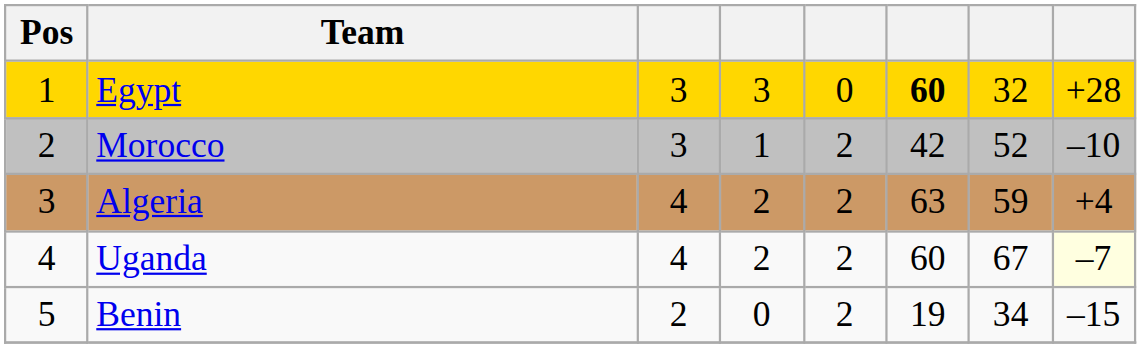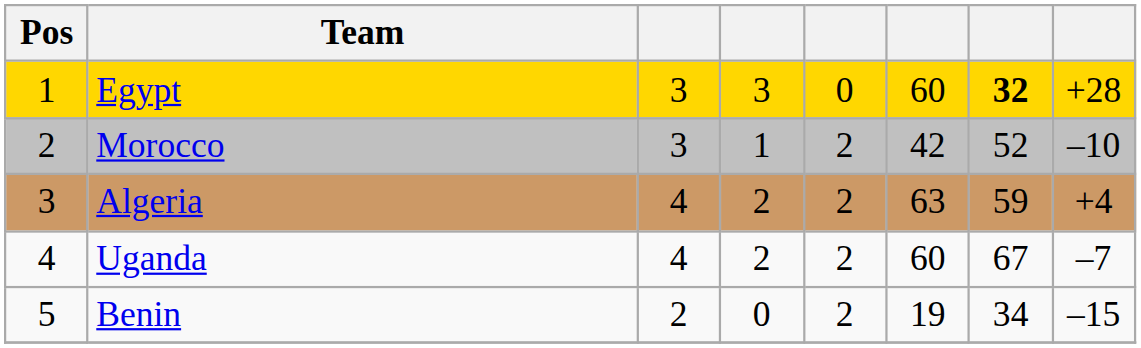 <table class="wikitable" style="text-align:center">
 <tr>
 <th width=30>Pos</th>
 <th ! width=240>Team</th>
 <th ! width=30></th>
 <th ! width=30></th>
 <th ! width=30></th>
 <th ! width=30></th>
 <th ! width=30></th>
 <th ! width=30></th>
 </tr>
 <tr bgcolor=gold>
 <td>1</td>
 <td align=left> <a href='#'>Egypt</a></td>
 <td>3</td>
 <td>3</td>
 <td>0</td>
-<td><strong>60</strong></td>
-<td>32</td>
+<td>60</td>
+<td><strong>32</strong></td>
 <td>+28</td>
 </tr>
 <tr bgcolor=silver>
 <td>2</td>
 <td align=left> <a href='#'>Morocco</a></td>
 <td>3</td>
 <td>1</td>
 <td>2</td>
 <td>42</td>
 <td>52</td>
 <td>–10</td>
 </tr>
 <tr bgcolor=cc9966>
 <td>3</td>
 <td align=left> <a href='#'>Algeria</a></td>
 <td>4</td>
 <td>2</td>
 <td>2</td>
 <td>63</td>
 <td>59</td>
 <td>+4</td>
 </tr>
 <tr>
 <td>4</td>
 <td align=left> <a href='#'>Uganda</a></td>
 <td>4</td>
 <td>2</td>
 <td>2</td>
 <td>60</td>
 <td>67</td>
-<td style="background: lightyellow;">–7</td>
+<td>–7</td>
 </tr>
 <tr>
 <td>5</td>
 <td align=left> <a href='#'>Benin</a></td>
 <td>2</td>
 <td>0</td>
 <td>2</td>
 <td>19</td>
 <td>34</td>
 <td>–15</td>
 </tr>
 <tr>
 </tr>
 </table>
